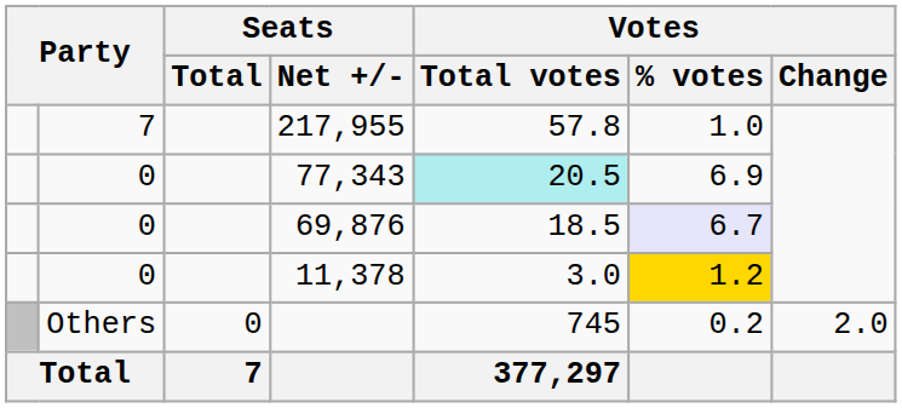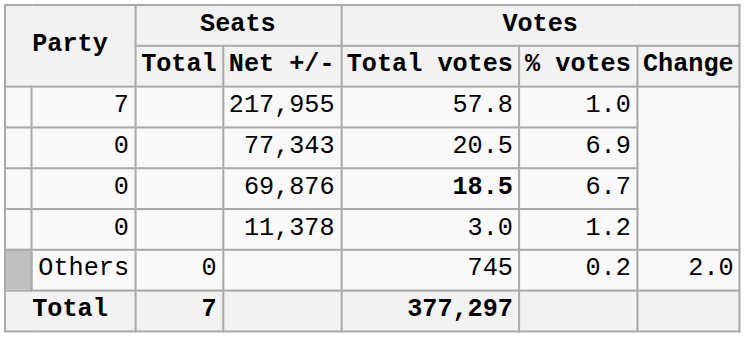 <table class="wikitable" style="text-align:right; font-size:95%;">
 <tr>
 <th colspan="2" rowspan="2">Party</th>
 <th colspan="2">Seats</th>
 <th colspan="3">Votes</th>
 </tr>
 <tr>
 <th>Total</th>
 <th>Net +/-</th>
 <th>Total votes</th>
 <th>% votes</th>
 <th>Change</th>
 </tr>
 <tr>
 <td></td>
 <td>7</td>
 <td></td>
 <td>217,955</td>
 <td>57.8</td>
 <td>1.0</td>
 </tr>
 <tr>
 <td></td>
 <td>0</td>
 <td></td>
 <td>77,343</td>
-<td style="background: paleturquoise;">20.5</td>
+<td>20.5</td>
 <td>6.9</td>
 </tr>
 <tr>
 <td></td>
 <td>0</td>
 <td></td>
 <td>69,876</td>
-<td>18.5</td>
-<td style="background: lavender;">6.7</td>
+<td><strong>18.5</strong></td>
+<td>6.7</td>
 </tr>
 <tr>
 <td></td>
 <td>0</td>
 <td></td>
 <td>11,378</td>
 <td>3.0</td>
-<td style="background: gold;">1.2</td>
+<td>1.2</td>
 </tr>
 <tr>
 <td style="background:silver;"> </td>
 <td align=left>Others</td>
 <td>0</td>
 <td></td>
 <td>745</td>
 <td>0.2</td>
 <td>2.0</td>
 </tr>
 <tr>
 <th colspan="2" style="background:#f2f2f2">Total</th>
 <td style="background:#f2f2f2;"><strong>7</strong></td>
 <td style="background:#f2f2f2;"></td>
 <td style="background:#f2f2f2;"><strong>377,297</strong></td>
 <td style="background:#f2f2f2;"></td>
 <td style="background:#f2f2f2;"></td>
 </tr>
 </table>
